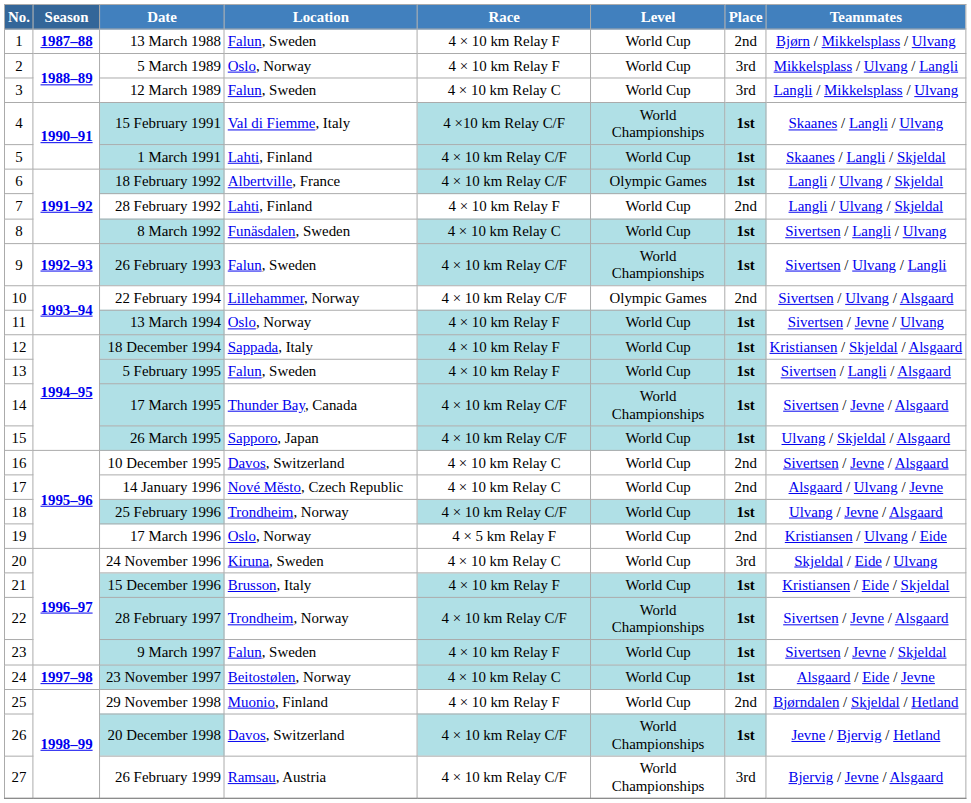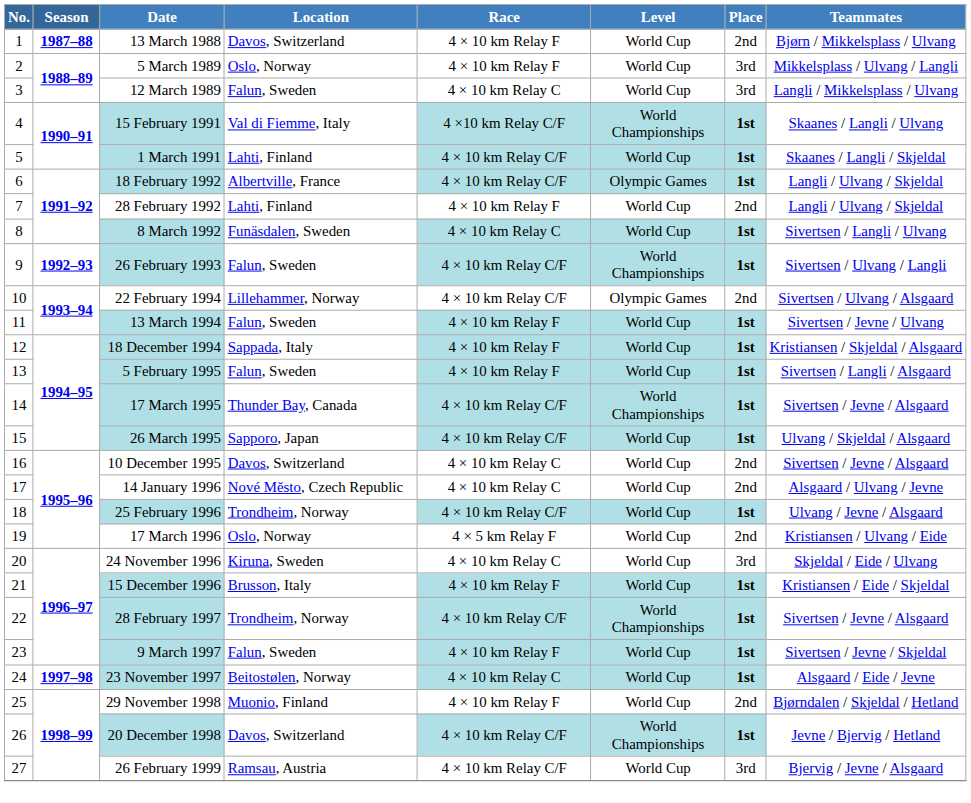 <table class="wikitable sortable" style="font-size:95%; text-align:center; border:grey solid 1px; border-collapse:collapse; background:#ffffff;">
 <tr style="background:#efefef;">
 <th style="background-color:#369; color:white;">No.</th>
 <th style="background-color:#369; color:white;">Season</th>
 <th style="background-color:#4180be; color:white; width:120px;">Date</th>
 <th style="background-color:#4180be; color:white; width:190px;">Location</th>
 <th style="background-color:#4180be; color:white; width:170px;">Race</th>
 <th style="background-color:#4180be; color:white; width:130px;">Level</th>
 <th style="background-color:#4180be; color:white;">Place</th>
 <th style="background-color:#4180be; color:white;">Teammates</th>
 </tr>
 <tr>
 <td align=center>1</td>
 <td rowspan=1 align=center><strong> <a href='#'>1987–88</a> </strong></td>
 <td align=right>13 March 1988</td>
-<td align=left> <a href='#'>Falun</a>, Sweden</td>
+<td align=left> <a href='#'>Davos</a>, Switzerland</td>
 <td>4 × 10 km Relay F</td>
 <td>World Cup</td>
 <td>2nd</td>
 <td><a href='#'>Bjørn</a> / <a href='#'>Mikkelsplass</a> / <a href='#'>Ulvang</a></td>
 </tr>
 <tr>
 <td align=center>2</td>
 <td rowspan=2 align=center><strong> <a href='#'>1988–89</a> </strong></td>
 <td align=right>5 March 1989</td>
 <td align=left> <a href='#'>Oslo</a>, Norway</td>
 <td>4 × 10 km Relay F</td>
 <td>World Cup</td>
 <td>3rd</td>
 <td><a href='#'>Mikkelsplass</a> / <a href='#'>Ulvang</a> / <a href='#'>Langli</a></td>
 </tr>
 <tr>
 <td align=center>3</td>
 <td align=right>12 March 1989</td>
 <td align=left> <a href='#'>Falun</a>, Sweden</td>
 <td>4 × 10 km Relay C</td>
 <td>World Cup</td>
 <td>3rd</td>
 <td><a href='#'>Langli</a> / <a href='#'>Mikkelsplass</a> / <a href='#'>Ulvang</a></td>
 </tr>
 <tr>
 <td align=center>4</td>
 <td rowspan=2 align=center><strong><a href='#'>1990–91</a></strong></td>
 <td bgcolor="#BOEOE6" align=right>15 February 1991</td>
 <td align=left> <a href='#'>Val di Fiemme</a>, Italy</td>
 <td bgcolor="#BOEOE6">4 ×10 km Relay C/F</td>
 <td bgcolor="#BOEOE6">World Championships</td>
 <td bgcolor="#BOEOE6"><strong>1st</strong></td>
 <td><a href='#'>Skaanes</a> / <a href='#'>Langli</a> / <a href='#'>Ulvang</a></td>
 </tr>
 <tr>
 <td align=center>5</td>
 <td bgcolor="#BOEOE6" align=right>1 March 1991</td>
 <td align=left> <a href='#'>Lahti</a>, Finland</td>
 <td bgcolor="#BOEOE6">4 × 10 km Relay C/F</td>
 <td bgcolor="#BOEOE6">World Cup</td>
 <td bgcolor="#BOEOE6"><strong>1st</strong></td>
 <td><a href='#'>Skaanes</a> / <a href='#'>Langli</a> / <a href='#'>Skjeldal</a></td>
 </tr>
 <tr>
 <td align=center>6</td>
 <td rowspan=3 align=center><strong><a href='#'>1991–92</a></strong></td>
 <td bgcolor="#BOEOE6" align=right>18 February 1992</td>
 <td align=left> <a href='#'>Albertville</a>, France</td>
 <td bgcolor="#BOEOE6">4 × 10 km Relay C/F</td>
 <td bgcolor="#BOEOE6">Olympic Games</td>
 <td bgcolor="#BOEOE6"><strong>1st</strong></td>
 <td><a href='#'>Langli</a> / <a href='#'>Ulvang</a> / <a href='#'>Skjeldal</a></td>
 </tr>
 <tr>
 <td align=center>7</td>
 <td align=right>28 February 1992</td>
 <td align=left> <a href='#'>Lahti</a>, Finland</td>
 <td>4 × 10 km Relay F</td>
 <td>World Cup</td>
 <td>2nd</td>
 <td><a href='#'>Langli</a> / <a href='#'>Ulvang</a> / <a href='#'>Skjeldal</a></td>
 </tr>
 <tr>
 <td align=center>8</td>
 <td bgcolor="#BOEOE6" align=right>8 March 1992</td>
 <td align=left> <a href='#'>Funäsdalen</a>, Sweden</td>
 <td bgcolor="#BOEOE6">4 × 10 km Relay C</td>
 <td bgcolor="#BOEOE6">World Cup</td>
 <td bgcolor="#BOEOE6"><strong>1st</strong></td>
 <td><a href='#'>Sivertsen</a> / <a href='#'>Langli</a> / <a href='#'>Ulvang</a></td>
 </tr>
 <tr>
 <td align=center>9</td>
 <td rowspan=1 align=center><strong><a href='#'>1992–93</a></strong></td>
 <td bgcolor="#BOEOE6" align=right>26 February 1993</td>
 <td align=left> <a href='#'>Falun</a>, Sweden</td>
 <td bgcolor="#BOEOE6">4 × 10 km Relay C/F</td>
 <td bgcolor="#BOEOE6">World Championships</td>
 <td bgcolor="#BOEOE6"><strong>1st</strong></td>
 <td><a href='#'>Sivertsen</a> / <a href='#'>Ulvang</a> / <a href='#'>Langli</a></td>
 </tr>
 <tr>
 <td align=center>10</td>
 <td rowspan=2 align=center><strong> <a href='#'>1993–94</a> </strong></td>
 <td align=right>22 February 1994</td>
 <td align=left> <a href='#'>Lillehammer</a>, Norway</td>
 <td>4 × 10 km Relay C/F</td>
 <td>Olympic Games</td>
 <td>2nd</td>
 <td><a href='#'>Sivertsen</a> / <a href='#'>Ulvang</a> / <a href='#'>Alsgaard</a></td>
 </tr>
 <tr>
 <td align=center>11</td>
 <td bgcolor="#BOEOE6" align=right>13 March 1994</td>
-<td align=left> <a href='#'>Oslo</a>, Norway</td>
+<td align=left> <a href='#'>Falun</a>, Sweden</td>
 <td bgcolor="#BOEOE6">4 × 10 km Relay F</td>
 <td bgcolor="#BOEOE6">World Cup</td>
 <td bgcolor="#BOEOE6"><strong>1st</strong></td>
 <td><a href='#'>Sivertsen</a> / <a href='#'>Jevne</a> / <a href='#'>Ulvang</a></td>
 </tr>
 <tr>
 <td align=center>12</td>
 <td rowspan=4 align=center><strong><a href='#'>1994–95</a></strong></td>
 <td bgcolor="#BOEOE6" align=right>18 December 1994</td>
 <td align=left> <a href='#'>Sappada</a>, Italy</td>
 <td bgcolor="#BOEOE6">4 × 10 km Relay F</td>
 <td bgcolor="#BOEOE6">World Cup</td>
 <td bgcolor="#BOEOE6"><strong>1st</strong></td>
 <td><a href='#'>Kristiansen</a> / <a href='#'>Skjeldal</a> / <a href='#'>Alsgaard</a></td>
 </tr>
 <tr>
 <td align=center>13</td>
 <td bgcolor="#BOEOE6" align=right>5 February 1995</td>
 <td align=left> <a href='#'>Falun</a>, Sweden</td>
 <td bgcolor="#BOEOE6">4 × 10 km Relay F</td>
 <td bgcolor="#BOEOE6">World Cup</td>
 <td bgcolor="#BOEOE6"><strong>1st</strong></td>
 <td><a href='#'>Sivertsen</a> / <a href='#'>Langli</a> / <a href='#'>Alsgaard</a></td>
 </tr>
 <tr>
 <td align=center>14</td>
 <td bgcolor="#BOEOE6" align=right>17 March 1995</td>
 <td align=left> <a href='#'>Thunder Bay</a>, Canada</td>
 <td bgcolor="#BOEOE6">4 × 10 km Relay C/F</td>
 <td bgcolor="#BOEOE6">World Championships</td>
 <td bgcolor="#BOEOE6"><strong>1st</strong></td>
 <td><a href='#'>Sivertsen</a> / <a href='#'>Jevne</a> / <a href='#'>Alsgaard</a></td>
 </tr>
 <tr>
 <td align=center>15</td>
 <td bgcolor="#BOEOE6" align=right>26 March 1995</td>
 <td align=left> <a href='#'>Sapporo</a>, Japan</td>
 <td bgcolor="#BOEOE6">4 × 10 km Relay C/F</td>
 <td bgcolor="#BOEOE6">World Cup</td>
 <td bgcolor="#BOEOE6"><strong>1st</strong></td>
 <td><a href='#'>Ulvang</a> / <a href='#'>Skjeldal</a> / <a href='#'>Alsgaard</a></td>
 </tr>
 <tr>
 <td align=center>16</td>
 <td rowspan=4 align=center><strong> <a href='#'>1995–96</a> </strong></td>
 <td align=right>10 December 1995</td>
 <td align=left> <a href='#'>Davos</a>, Switzerland</td>
 <td>4 × 10 km Relay C</td>
 <td>World Cup</td>
 <td>2nd</td>
 <td><a href='#'>Sivertsen</a> / <a href='#'>Jevne</a> / <a href='#'>Alsgaard</a></td>
 </tr>
 <tr>
 <td align=center>17</td>
 <td align=right>14 January 1996</td>
 <td align=left> <a href='#'>Nové Město</a>, Czech Republic</td>
 <td>4 × 10 km Relay C</td>
 <td>World Cup</td>
 <td>2nd</td>
 <td><a href='#'>Alsgaard</a> / <a href='#'>Ulvang</a> / <a href='#'>Jevne</a></td>
 </tr>
 <tr>
 <td align=center>18</td>
 <td bgcolor="#BOEOE6" align=right>25 February 1996</td>
 <td align=left> <a href='#'>Trondheim</a>, Norway</td>
 <td bgcolor="#BOEOE6">4 × 10 km Relay C/F</td>
 <td bgcolor="#BOEOE6">World Cup</td>
 <td bgcolor="#BOEOE6"><strong>1st</strong></td>
 <td><a href='#'>Ulvang</a> / <a href='#'>Jevne</a> / <a href='#'>Alsgaard</a></td>
 </tr>
 <tr>
 <td align=center>19</td>
 <td align=right>17 March 1996</td>
 <td align=left> <a href='#'>Oslo</a>, Norway</td>
 <td>4 × 5 km Relay F</td>
 <td>World Cup</td>
 <td>2nd</td>
 <td><a href='#'>Kristiansen</a> / <a href='#'>Ulvang</a> / <a href='#'>Eide</a></td>
 </tr>
 <tr>
 <td align=center>20</td>
 <td rowspan=4 align=center><strong> <a href='#'>1996–97</a> </strong></td>
 <td align=right>24 November 1996</td>
 <td align=left> <a href='#'>Kiruna</a>, Sweden</td>
 <td>4 × 10 km Relay C</td>
 <td>World Cup</td>
 <td>3rd</td>
 <td><a href='#'>Skjeldal</a> / <a href='#'>Eide</a> / <a href='#'>Ulvang</a></td>
 </tr>
 <tr>
 <td align=center>21</td>
 <td bgcolor="#BOEOE6" align=right>15 December 1996</td>
 <td align=left> <a href='#'>Brusson</a>, Italy</td>
 <td bgcolor="#BOEOE6">4 × 10 km Relay F</td>
 <td bgcolor="#BOEOE6">World Cup</td>
 <td bgcolor="#BOEOE6"><strong>1st</strong></td>
 <td><a href='#'>Kristiansen</a> / <a href='#'>Eide</a> / <a href='#'>Skjeldal</a></td>
 </tr>
 <tr>
 <td align=center>22</td>
 <td bgcolor="#BOEOE6" align=right>28 February 1997</td>
 <td align=left> <a href='#'>Trondheim</a>, Norway</td>
 <td bgcolor="#BOEOE6">4 × 10 km Relay C/F</td>
 <td bgcolor="#BOEOE6">World Championships</td>
 <td bgcolor="#BOEOE6"><strong>1st</strong></td>
 <td><a href='#'>Sivertsen</a> / <a href='#'>Jevne</a> / <a href='#'>Alsgaard</a></td>
 </tr>
 <tr>
 <td align=center>23</td>
 <td bgcolor="#BOEOE6" align=right>9 March 1997</td>
 <td align=left> <a href='#'>Falun</a>, Sweden</td>
 <td bgcolor="#BOEOE6">4 × 10 km Relay F</td>
 <td bgcolor="#BOEOE6">World Cup</td>
 <td bgcolor="#BOEOE6"><strong>1st</strong></td>
 <td><a href='#'>Sivertsen</a> / <a href='#'>Jevne</a> / <a href='#'>Skjeldal</a></td>
 </tr>
 <tr>
 <td align=center>24</td>
 <td rowspan=1 align=center><strong><a href='#'>1997–98</a></strong></td>
 <td bgcolor="#BOEOE6" align=right>23 November 1997</td>
 <td align=left> <a href='#'>Beitostølen</a>, Norway</td>
 <td bgcolor="#BOEOE6">4 × 10 km Relay C</td>
 <td bgcolor="#BOEOE6">World Cup</td>
 <td bgcolor="#BOEOE6"><strong>1st</strong></td>
 <td><a href='#'>Alsgaard</a> / <a href='#'>Eide</a> / <a href='#'>Jevne</a></td>
 </tr>
 <tr>
 <td align=center>25</td>
 <td rowspan=3 align=center><strong> <a href='#'>1998–99</a> </strong></td>
 <td align=right>29 November 1998</td>
 <td align=left> <a href='#'>Muonio</a>, Finland</td>
 <td>4 × 10 km Relay F</td>
 <td>World Cup</td>
 <td>2nd</td>
 <td><a href='#'>Bjørndalen</a> / <a href='#'>Skjeldal</a> / <a href='#'>Hetland</a></td>
 </tr>
 <tr>
 <td align=center>26</td>
 <td bgcolor="#BOEOE6" align=right>20 December 1998</td>
 <td align=left> <a href='#'>Davos</a>, Switzerland</td>
 <td bgcolor="#BOEOE6">4 × 10 km Relay C/F</td>
 <td bgcolor="#BOEOE6">World Championships</td>
 <td bgcolor="#BOEOE6"><strong>1st</strong></td>
 <td><a href='#'>Jevne</a> / <a href='#'>Bjervig</a> / <a href='#'>Hetland</a></td>
 </tr>
 <tr>
 <td align=center>27</td>
 <td align=right>26 February 1999</td>
 <td align=left> <a href='#'>Ramsau</a>, Austria</td>
 <td>4 × 10 km Relay C/F</td>
-<td>World Championships</td>
+<td>World Cup</td>
 <td>3rd</td>
 <td><a href='#'>Bjervig</a> / <a href='#'>Jevne</a> / <a href='#'>Alsgaard</a></td>
 </tr>
 <tr>
 </tr>
 </table>
